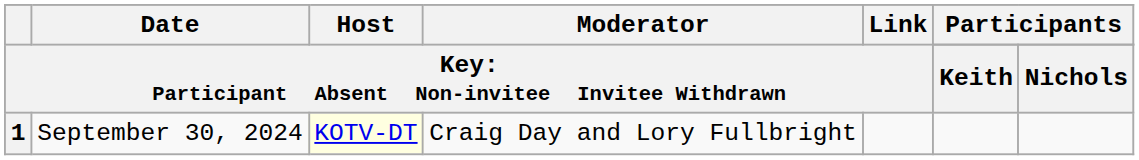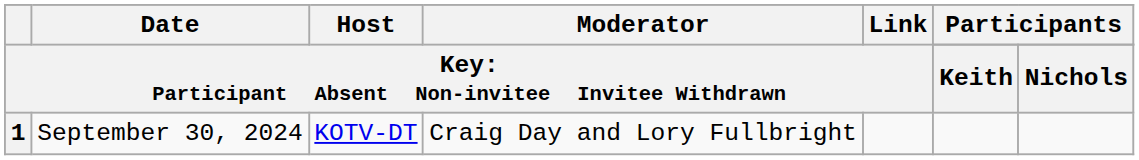 <table class="wikitable" style="text-align:center;">
 <tr>
 <th scope="col"></th>
 <th scope="col">Date</th>
 <th scope="col">Host</th>
 <th scope="col">Moderator</th>
 <th scope="col">Link</th>
 <th colspan="2" scope="col">Participants</th>
 </tr>
 <tr>
 <th colspan="5" rowspan="2">Key:<br> <small>Participant </small>  <small>Absent </small>  <small>Non-invitee </small>  <small>Invitee  Withdrawn</small></th>
 </tr>
 <tr>
 <th scope="col">Keith</th>
 <th scope="col">Nichols</th>
 </tr>
 <tr>
 <th scope="row">1</th>
 <td style="white-space:nowrap;">September 30, 2024</td>
-<td style="background: lightyellow; white-space:nowrap;"><a href='#'>KOTV-DT</a></td>
+<td style="white-space:nowrap;"><a href='#'>KOTV-DT</a></td>
 <td style="white-space:nowrap;">Craig Day and Lory Fullbright</td>
 <td style="white-space:nowrap;"></td>
 <td></td>
 <td></td>
 </tr>
 </table>
